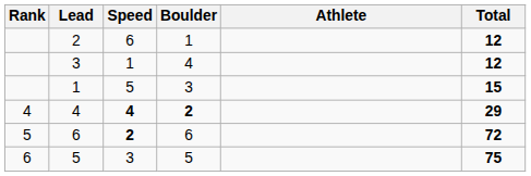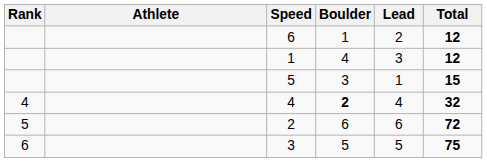 <table class="wikitable" style="text-align:center">
 <tr>
 <th width=40>Rank</th>
-<th width=50>Lead</th>
+<th width=250>Athlete</th>
 <th width=50>Speed</th>
 <th width=50>Boulder</th>
-<th width=250>Athlete</th>
+<th width=50>Lead</th>
 <th width=60>Total</th>
 </tr>
 <tr>
 <td></td>
-<td>2</td>
+<td align=left></td>
 <td>6</td>
 <td>1</td>
-<td align=left></td>
+<td>2</td>
 <td><strong>12</strong></td>
 </tr>
 <tr>
 <td></td>
-<td>3</td>
+<td align=left></td>
 <td>1</td>
 <td>4</td>
-<td align=left></td>
+<td>3</td>
 <td><strong>12</strong></td>
 </tr>
 <tr>
 <td></td>
-<td>1</td>
+<td align=left></td>
 <td>5</td>
 <td>3</td>
-<td align=left></td>
+<td>1</td>
 <td><strong>15</strong></td>
 </tr>
 <tr>
 <td>4</td>
+<td align=left></td>
 <td>4</td>
-<td><strong>4</strong></td>
 <td><strong>2</strong></td>
-<td align=left></td>
-<td><strong>29</strong></td>
+<td>4</td>
+<td><strong>32</strong></td>
 </tr>
 <tr>
 <td>5</td>
+<td align=left></td>
+<td>2</td>
 <td>6</td>
-<td><strong>2</strong></td>
 <td>6</td>
-<td align=left></td>
 <td><strong>72</strong></td>
 </tr>
 <tr>
 <td>6</td>
-<td>5</td>
+<td align=left></td>
 <td>3</td>
 <td>5</td>
-<td align=left></td>
+<td>5</td>
 <td><strong>75</strong></td>
 </tr>
 </table>
